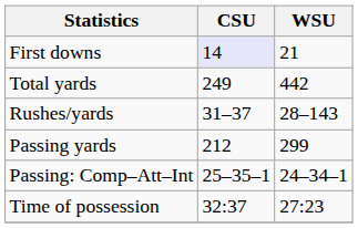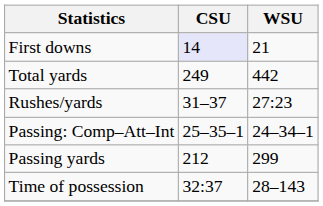 <table class="wikitable" style="float: left;">
 <tr>
 <th>Statistics</th>
 <th>CSU</th>
 <th>WSU</th>
 </tr>
 <tr>
 <td>First downs</td>
 <td style="background: lavender;">14</td>
 <td>21</td>
 </tr>
 <tr>
 <td>Total yards</td>
 <td>249</td>
 <td>442</td>
 </tr>
 <tr>
 <td>Rushes/yards</td>
 <td>31–37</td>
-<td>28–143</td>
+<td>27:23</td>
+</tr>
+<tr>
+<td>Passing: Comp–Att–Int</td>
+<td>25–35–1</td>
+<td>24–34–1</td>
 </tr>
 <tr>
 <td>Passing yards</td>
 <td>212</td>
 <td>299</td>
 </tr>
 <tr>
-<td>Passing: Comp–Att–Int</td>
-<td>25–35–1</td>
-<td>24–34–1</td>
-</tr>
-<tr>
 <td>Time of possession</td>
 <td>32:37</td>
-<td>27:23</td>
+<td>28–143</td>
 </tr>
 <tr>
 </tr>
 </table>
